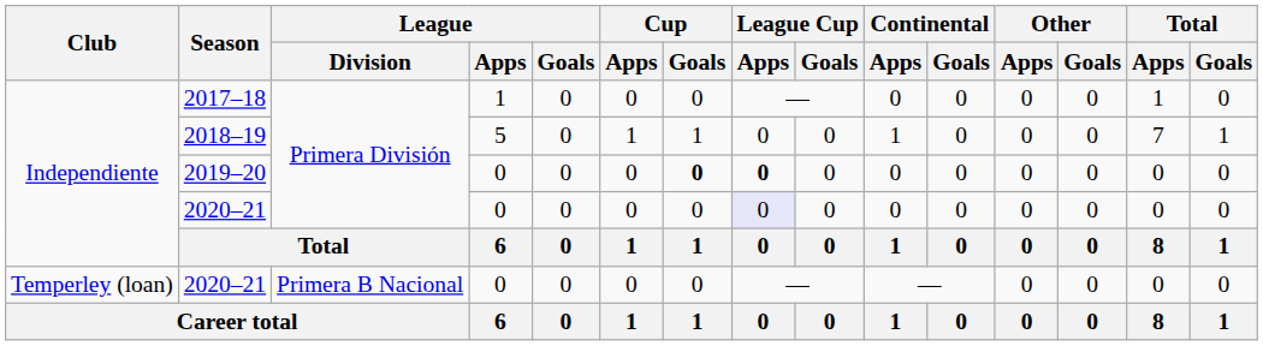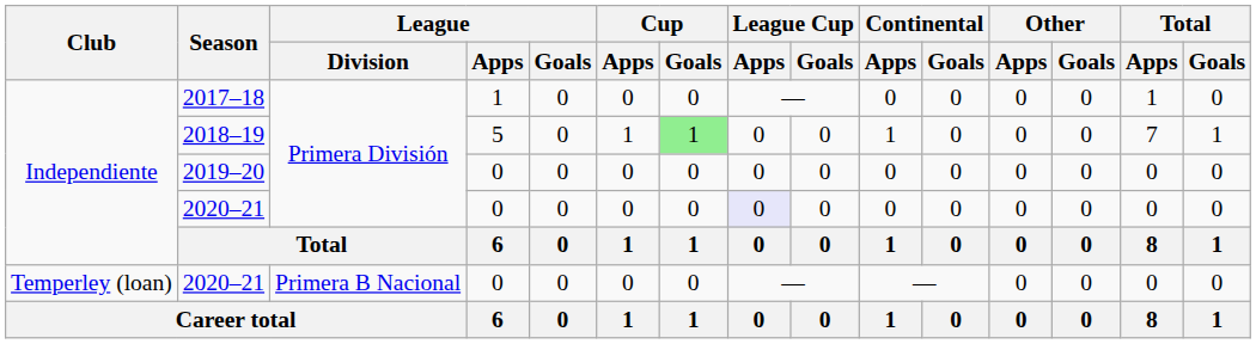 <table class="wikitable" style="text-align:center">
 <tr>
 <th rowspan="2">Club</th>
 <th rowspan="2">Season</th>
 <th colspan="3">League</th>
 <th colspan="2">Cup</th>
 <th colspan="2">League Cup</th>
 <th colspan="2">Continental</th>
 <th colspan="2">Other</th>
 <th colspan="2">Total</th>
 </tr>
 <tr>
 <th>Division</th>
 <th>Apps</th>
 <th>Goals</th>
 <th>Apps</th>
 <th>Goals</th>
 <th>Apps</th>
 <th>Goals</th>
 <th>Apps</th>
 <th>Goals</th>
 <th>Apps</th>
 <th>Goals</th>
 <th>Apps</th>
 <th>Goals</th>
 </tr>
 <tr>
 <td rowspan="5"><a href='#'>Independiente</a></td>
 <td><a href='#'>2017–18</a></td>
 <td rowspan="4"><a href='#'>Primera División</a></td>
 <td>1</td>
 <td>0</td>
 <td>0</td>
 <td>0</td>
 <td colspan="2">—</td>
 <td>0</td>
 <td>0</td>
 <td>0</td>
 <td>0</td>
 <td>1</td>
 <td>0</td>
 </tr>
 <tr>
 <td><a href='#'>2018–19</a></td>
 <td>5</td>
 <td>0</td>
 <td>1</td>
-<td>1</td>
+<td style="background: lightgreen;">1</td>
 <td>0</td>
 <td>0</td>
 <td>1</td>
 <td>0</td>
 <td>0</td>
 <td>0</td>
 <td>7</td>
 <td>1</td>
 </tr>
 <tr>
 <td><a href='#'>2019–20</a></td>
 <td>0</td>
 <td>0</td>
 <td>0</td>
-<td><strong>0</strong></td>
-<td><strong>0</strong></td>
+<td>0</td>
+<td>0</td>
 <td>0</td>
 <td>0</td>
 <td>0</td>
 <td>0</td>
 <td>0</td>
 <td>0</td>
 <td>0</td>
 </tr>
 <tr>
 <td><a href='#'>2020–21</a></td>
 <td>0</td>
 <td>0</td>
 <td>0</td>
 <td>0</td>
 <td style="background: lavender;">0</td>
 <td>0</td>
 <td>0</td>
 <td>0</td>
 <td>0</td>
 <td>0</td>
 <td>0</td>
 <td>0</td>
 </tr>
 <tr>
 <th colspan="2">Total</th>
 <th>6</th>
 <th>0</th>
 <th>1</th>
 <th>1</th>
 <th>0</th>
 <th>0</th>
 <th>1</th>
 <th>0</th>
 <th>0</th>
 <th>0</th>
 <th>8</th>
 <th>1</th>
 </tr>
 <tr>
 <td rowspan="1"><a href='#'>Temperley</a> (loan)</td>
 <td><a href='#'>2020–21</a></td>
 <td rowspan="1"><a href='#'>Primera B Nacional</a></td>
 <td>0</td>
 <td>0</td>
 <td>0</td>
 <td>0</td>
 <td colspan="2">—</td>
 <td colspan="2">—</td>
 <td>0</td>
 <td>0</td>
 <td>0</td>
 <td>0</td>
 </tr>
 <tr>
 <th colspan="3">Career total</th>
 <th>6</th>
 <th>0</th>
 <th>1</th>
 <th>1</th>
 <th>0</th>
 <th>0</th>
 <th>1</th>
 <th>0</th>
 <th>0</th>
 <th>0</th>
 <th>8</th>
 <th>1</th>
 </tr>
 </table>
